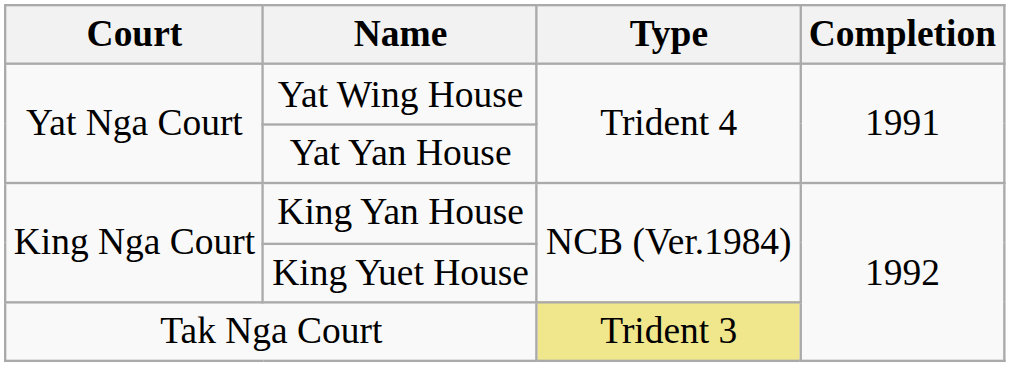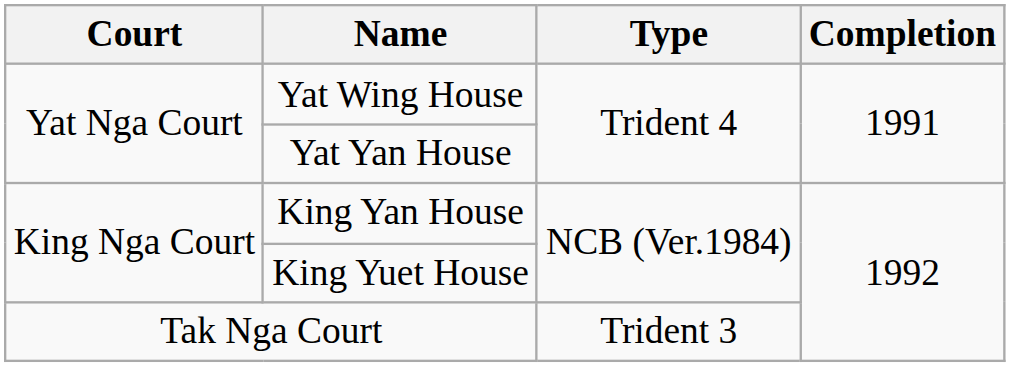 <table class="wikitable" style="text-align: center">
 <tr>
 <th>Court</th>
 <th>Name</th>
 <th>Type</th>
 <th>Completion</th>
 </tr>
 <tr>
 <td rowspan="2">Yat Nga Court</td>
 <td rowspan="1">Yat Wing House</td>
 <td rowspan="2">Trident 4</td>
 <td rowspan="2">1991</td>
 </tr>
 <tr>
 <td>Yat Yan House</td>
 </tr>
 <tr>
 <td rowspan="2">King Nga Court</td>
 <td rowspan="1">King Yan House</td>
 <td rowspan="2">NCB (Ver.1984)</td>
 <td rowspan="3">1992</td>
 </tr>
 <tr>
 <td>King Yuet House</td>
 </tr>
 <tr>
 <td colspan="2" rowspan="1">Tak Nga Court</td>
-<td rowspan="1" style="background: khaki;">Trident 3</td>
+<td rowspan="1">Trident 3</td>
 </tr>
 </table>
